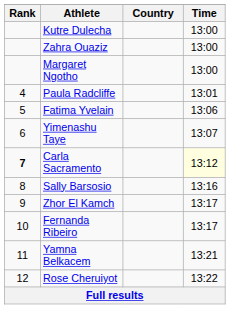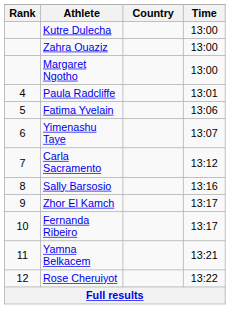 <table class="wikitable sortable" style=" text-align:center; font-size:95%;" width="50%">
 <tr>
 </tr>
 <tr>
 <th width=5%>Rank</th>
 <th width=20%>Athlete</th>
 <th width=15%>Country</th>
 <th width=10%>Time</th>
 </tr>
 <tr>
 <td align=center></td>
 <td align=left><a href='#'>Kutre Dulecha</a></td>
 <td align=left></td>
 <td>13:00</td>
 </tr>
 <tr>
 <td align=center></td>
 <td align=left><a href='#'>Zahra Ouaziz</a></td>
 <td align=left></td>
 <td>13:00</td>
 </tr>
 <tr>
 <td align=center></td>
 <td align=left><a href='#'>Margaret Ngotho</a></td>
 <td align=left></td>
 <td>13:00</td>
 </tr>
 <tr>
 <td align=center>4</td>
 <td align=left><a href='#'>Paula Radcliffe</a></td>
 <td align=left></td>
 <td>13:01</td>
 </tr>
 <tr>
 <td align=center>5</td>
 <td align=left><a href='#'>Fatima Yvelain</a></td>
 <td align=left></td>
 <td>13:06</td>
 </tr>
 <tr>
 <td align=center>6</td>
 <td align=left><a href='#'>Yimenashu Taye</a></td>
 <td align=left></td>
 <td>13:07</td>
 </tr>
 <tr>
-<td align=center><strong>7</strong></td>
+<td align=center>7</td>
 <td align=left><a href='#'>Carla Sacramento</a></td>
 <td align=left></td>
-<td style="background: lightyellow;">13:12</td>
+<td>13:12</td>
 </tr>
 <tr>
 <td align=center>8</td>
 <td align=left><a href='#'>Sally Barsosio</a></td>
 <td align=left></td>
 <td>13:16</td>
 </tr>
 <tr>
 <td align=center>9</td>
 <td align=left><a href='#'>Zhor El Kamch</a></td>
 <td align=left></td>
 <td>13:17</td>
 </tr>
 <tr>
 <td align=center>10</td>
 <td align=left><a href='#'>Fernanda Ribeiro</a></td>
 <td align=left></td>
 <td>13:17</td>
 </tr>
 <tr>
 <td align=center>11</td>
 <td align=left><a href='#'>Yamna Belkacem</a></td>
 <td align=left></td>
 <td>13:21</td>
 </tr>
 <tr>
 <td align=center>12</td>
 <td align=left><a href='#'>Rose Cheruiyot</a></td>
 <td align=left></td>
 <td>13:22</td>
 </tr>
 <tr class="sortbottom">
 <th colspan=4 align=center><a href='#'>Full results</a></th>
 </tr>
 </table>
